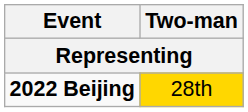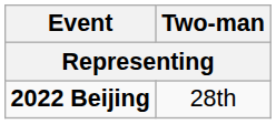 <table class="wikitable" style="text-align: center;">
 <tr>
 <th>Event</th>
 <th style="width:70px;">Two-man</th>
 </tr>
 <tr>
 <th colspan="2">Representing </th>
 </tr>
 <tr>
 <td align="left"><strong>2022 Beijing</strong> </td>
-<td style="background: gold;">28th</td>
+<td>28th</td>
 </tr>
 </table>
